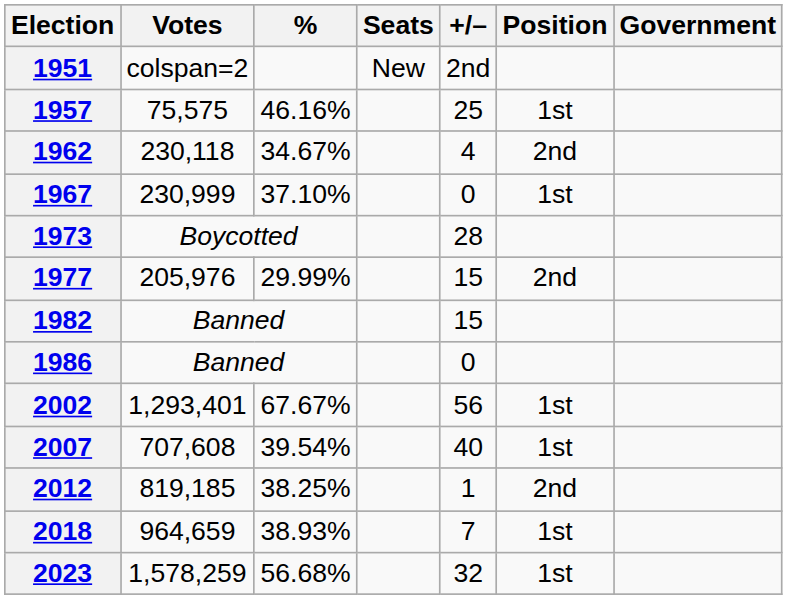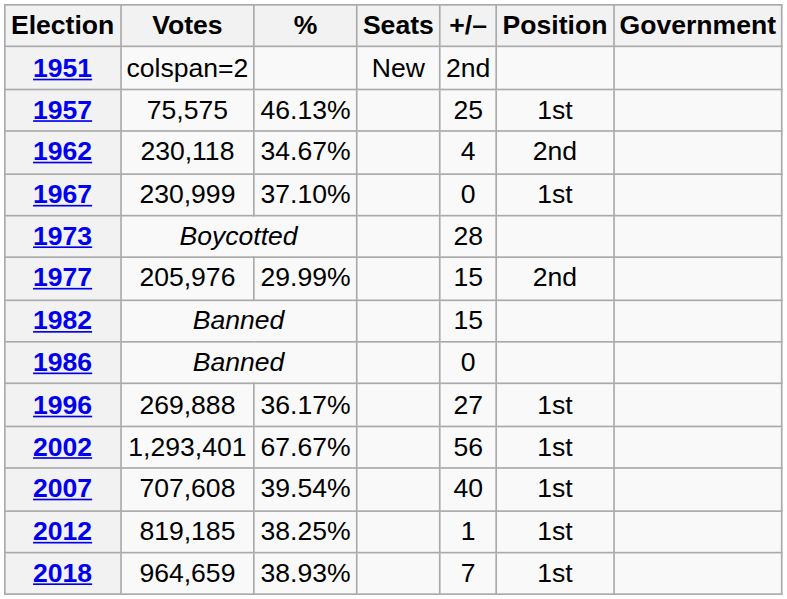 <table class="wikitable" style="text-align:center">
 <tr>
 <th>Election</th>
 <th>Votes</th>
 <th>%</th>
 <th>Seats</th>
 <th>+/–</th>
 <th>Position</th>
 <th>Government</th>
 </tr>
 <tr>
 <th><a href='#'>1951</a></th>
 <td>colspan=2 </td>
 <td></td>
 <td>New</td>
 <td> 2nd</td>
 <td></td>
 </tr>
 <tr>
 <th><a href='#'>1957</a></th>
 <td>75,575</td>
-<td>46.16%</td>
+<td>46.13%</td>
 <td></td>
 <td> 25</td>
 <td> 1st</td>
 <td></td>
 </tr>
 <tr>
 <th><a href='#'>1962</a></th>
 <td>230,118</td>
 <td>34.67%</td>
 <td></td>
 <td> 4</td>
 <td> 2nd</td>
 <td></td>
 </tr>
 <tr>
 <th><a href='#'>1967</a></th>
 <td>230,999</td>
 <td>37.10%</td>
 <td></td>
 <td> 0</td>
 <td> 1st</td>
 <td></td>
 </tr>
 <tr>
 <th><a href='#'>1973</a></th>
 <td colspan="2"><em>Boycotted</em></td>
 <td></td>
 <td> 28</td>
 <td></td>
 <td></td>
 </tr>
 <tr>
 <th><a href='#'>1977</a></th>
 <td>205,976</td>
 <td>29.99%</td>
 <td></td>
 <td> 15</td>
 <td> 2nd</td>
 <td></td>
 </tr>
 <tr>
 <th><a href='#'>1982</a></th>
 <td colspan="2"><em>Banned</em></td>
 <td></td>
 <td> 15</td>
 <td></td>
 <td></td>
 </tr>
 <tr>
 <th><a href='#'>1986</a></th>
 <td colspan=2><em>Banned</em></td>
 <td></td>
 <td> 0</td>
 <td></td>
 <td></td>
 </tr>
 <tr>
+<th><a href='#'>1996</a></th>
+<td>269,888</td>
+<td>36.17%</td>
+<td></td>
+<td> 27</td>
+<td> 1st</td>
+<td></td>
+</tr>
+<tr>
 <th><a href='#'>2002</a></th>
 <td>1,293,401</td>
 <td>67.67%</td>
 <td></td>
 <td> 56</td>
 <td> 1st</td>
 <td></td>
 </tr>
 <tr>
 <th><a href='#'>2007</a></th>
 <td>707,608</td>
 <td>39.54%</td>
 <td></td>
 <td> 40</td>
 <td> 1st</td>
 <td></td>
 </tr>
 <tr>
 <th><a href='#'>2012</a></th>
 <td>819,185</td>
 <td>38.25%</td>
 <td></td>
 <td> 1</td>
-<td> 2nd</td>
+<td> 1st</td>
 <td></td>
 </tr>
 <tr>
 <th><a href='#'>2018</a></th>
 <td>964,659</td>
 <td>38.93%</td>
 <td></td>
 <td> 7</td>
 <td> 1st</td>
 <td></td>
 </tr>
-<tr>
-<th><a href='#'>2023</a></th>
-<td>1,578,259</td>
-<td>56.68%</td>
-<td></td>
-<td> 32</td>
-<td> 1st</td>
-<td></td>
-</tr>
 </table>
